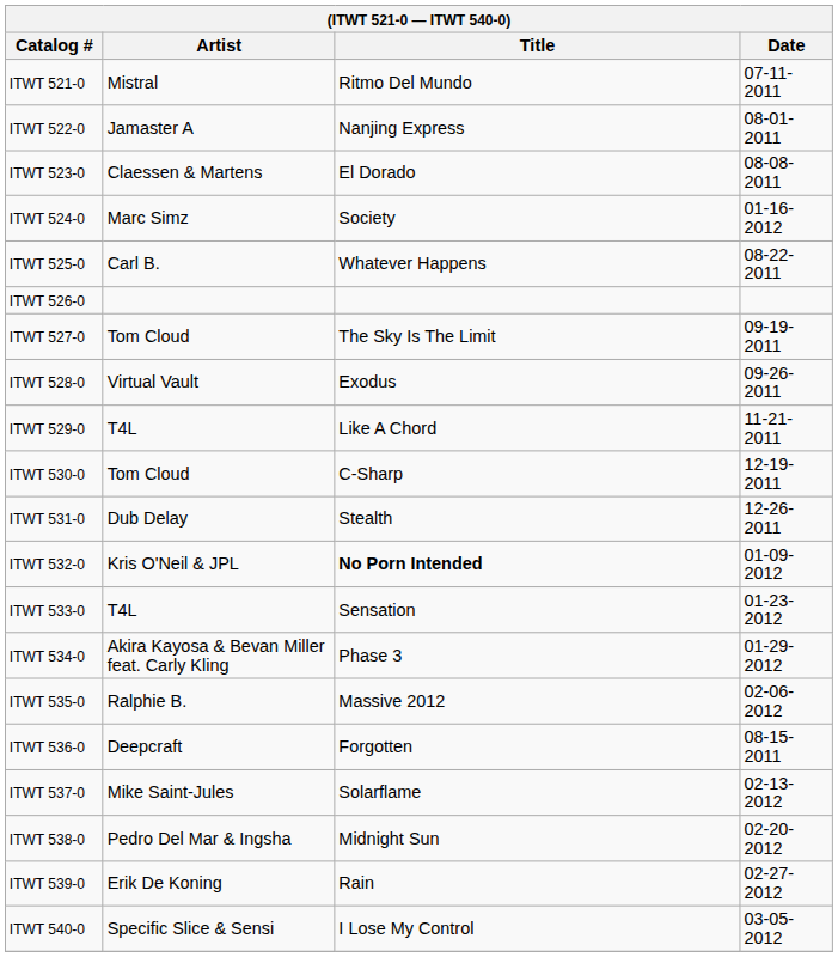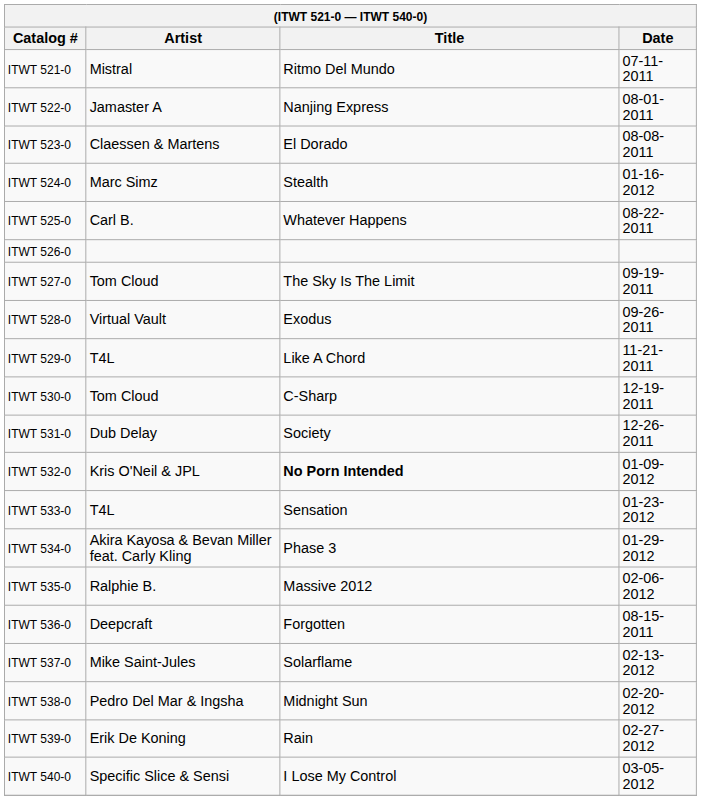 <table width="80%" class="wikitable collapsible collapsed" style="font-size:92%;position:relative;">
 <tr>
 <th colspan="5"><small>(ITWT 521-0 — ITWT 540-0)</small></th>
 </tr>
 <tr>
 <th width="8%">Catalog #</th>
 <th width="20%">Artist</th>
 <th width="35%">Title</th>
 <th width="8%">Date</th>
 </tr>
 <tr>
 <td><small>ITWT 521-0</small></td>
 <td>Mistral</td>
 <td>Ritmo Del Mundo</td>
 <td>07-11-2011</td>
 </tr>
 <tr>
 <td><small>ITWT 522-0</small></td>
 <td>Jamaster A</td>
 <td>Nanjing Express</td>
 <td>08-01-2011</td>
 </tr>
 <tr>
 <td><small>ITWT 523-0</small></td>
 <td>Claessen & Martens</td>
 <td>El Dorado</td>
 <td>08-08-2011</td>
 </tr>
 <tr>
 <td><small>ITWT 524-0</small></td>
 <td>Marc Simz</td>
-<td>Society</td>
+<td>Stealth</td>
 <td>01-16-2012</td>
 </tr>
 <tr>
 <td><small>ITWT 525-0</small></td>
 <td>Carl B.</td>
 <td>Whatever Happens</td>
 <td>08-22-2011</td>
 </tr>
 <tr>
 <td><small>ITWT 526-0</small></td>
 <td></td>
 <td></td>
 <td></td>
 </tr>
 <tr>
 <td><small>ITWT 527-0</small></td>
 <td>Tom Cloud</td>
 <td>The Sky Is The Limit</td>
 <td>09-19-2011</td>
 </tr>
 <tr>
 <td><small>ITWT 528-0</small></td>
 <td>Virtual Vault</td>
 <td>Exodus</td>
 <td>09-26-2011</td>
 </tr>
 <tr>
 <td><small>ITWT 529-0</small></td>
 <td>T4L</td>
 <td>Like A Chord</td>
 <td>11-21-2011</td>
 </tr>
 <tr>
 <td><small>ITWT 530-0</small></td>
 <td>Tom Cloud</td>
 <td>C-Sharp</td>
 <td>12-19-2011</td>
 </tr>
 <tr>
 <td><small>ITWT 531-0</small></td>
 <td>Dub Delay</td>
-<td>Stealth</td>
+<td>Society</td>
 <td>12-26-2011</td>
 </tr>
 <tr>
 <td><small>ITWT 532-0</small></td>
 <td>Kris O'Neil & JPL</td>
 <td><strong>No Porn Intended</strong></td>
 <td>01-09-2012</td>
 </tr>
 <tr>
 <td><small>ITWT 533-0</small></td>
 <td>T4L</td>
 <td>Sensation</td>
 <td>01-23-2012</td>
 </tr>
 <tr>
 <td><small>ITWT 534-0</small></td>
 <td>Akira Kayosa & Bevan Miller feat. Carly Kling</td>
 <td>Phase 3</td>
 <td>01-29-2012</td>
 </tr>
 <tr>
 <td><small>ITWT 535-0</small></td>
 <td>Ralphie B.</td>
 <td>Massive 2012</td>
 <td>02-06-2012</td>
 </tr>
 <tr>
 <td><small>ITWT 536-0</small></td>
 <td>Deepcraft</td>
 <td>Forgotten</td>
 <td>08-15-2011</td>
 </tr>
 <tr>
 <td><small>ITWT 537-0</small></td>
 <td>Mike Saint-Jules</td>
 <td>Solarflame</td>
 <td>02-13-2012</td>
 </tr>
 <tr>
 <td><small>ITWT 538-0</small></td>
 <td>Pedro Del Mar & Ingsha</td>
 <td>Midnight Sun</td>
 <td>02-20-2012</td>
 </tr>
 <tr>
 <td><small>ITWT 539-0</small></td>
 <td>Erik De Koning</td>
 <td>Rain</td>
 <td>02-27-2012</td>
 </tr>
 <tr>
 <td><small>ITWT 540-0</small></td>
 <td>Specific Slice & Sensi</td>
 <td>I Lose My Control</td>
 <td>03-05-2012</td>
 </tr>
 <tr>
 </tr>
 </table>
